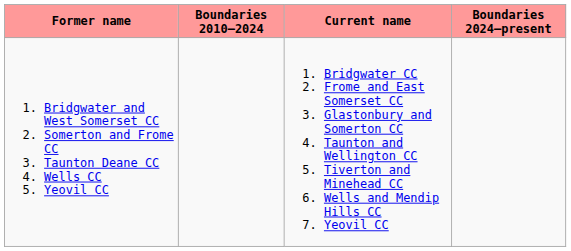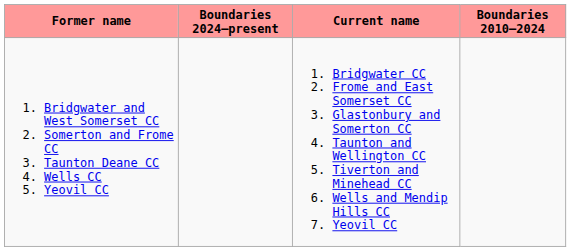 <table class="wikitable">
 <tr>
 <th style="background-color:#ff9999">Former name</th>
+<th style="background-color:#ff9999">Boundaries 2024–present</th>
+<th style="background-color:#ff9999">Current name</th>
 <th style="background-color:#ff9999">Boundaries 2010–2024</th>
-<th style="background-color:#ff9999">Current name</th>
-<th style="background-color:#ff9999">Boundaries 2024–present</th>
 </tr>
 <tr>
 <td><br><ol><li><a href='#'>Bridgwater and West Somerset CC</a></li><li><a href='#'>Somerton and Frome CC</a></li><li><a href='#'>Taunton Deane CC</a></li><li><a href='#'>Wells CC</a></li><li><a href='#'>Yeovil CC</a></li></ol></td>
 <td></td>
 <td><br><ol><li><a href='#'>Bridgwater CC</a></li><li><a href='#'>Frome and East Somerset CC</a></li><li><a href='#'>Glastonbury and Somerton CC</a></li><li><a href='#'>Taunton and Wellington CC</a></li><li><a href='#'>Tiverton and Minehead CC</a></li><li><a href='#'>Wells and Mendip Hills CC</a></li><li><a href='#'>Yeovil CC</a></li></ol></td>
 <td></td>
 </tr>
 </table>
